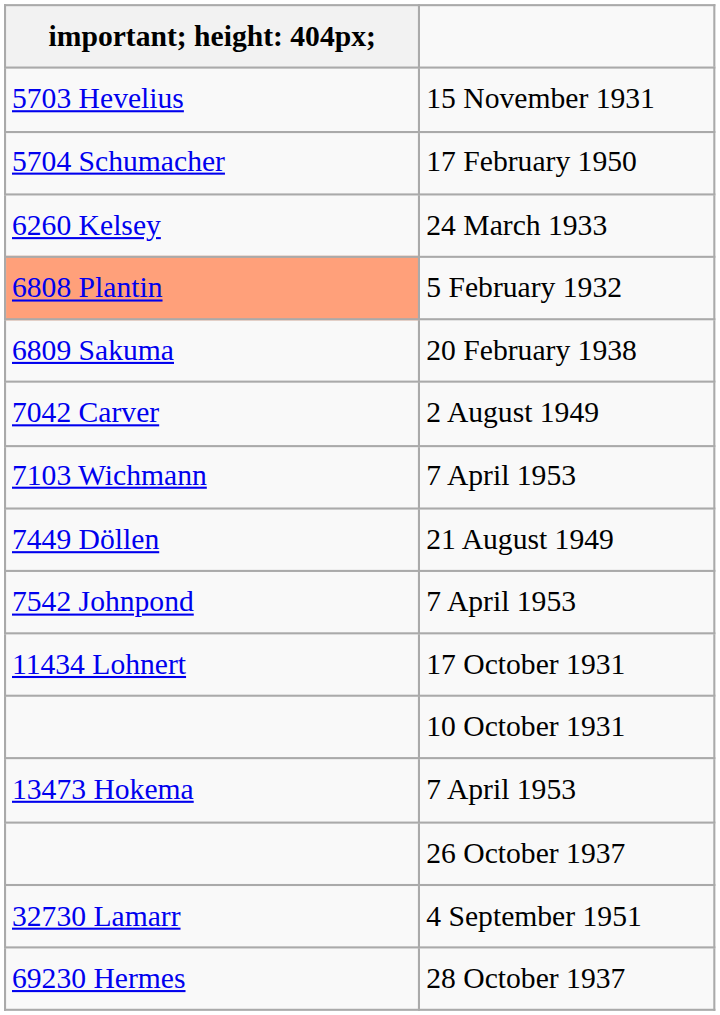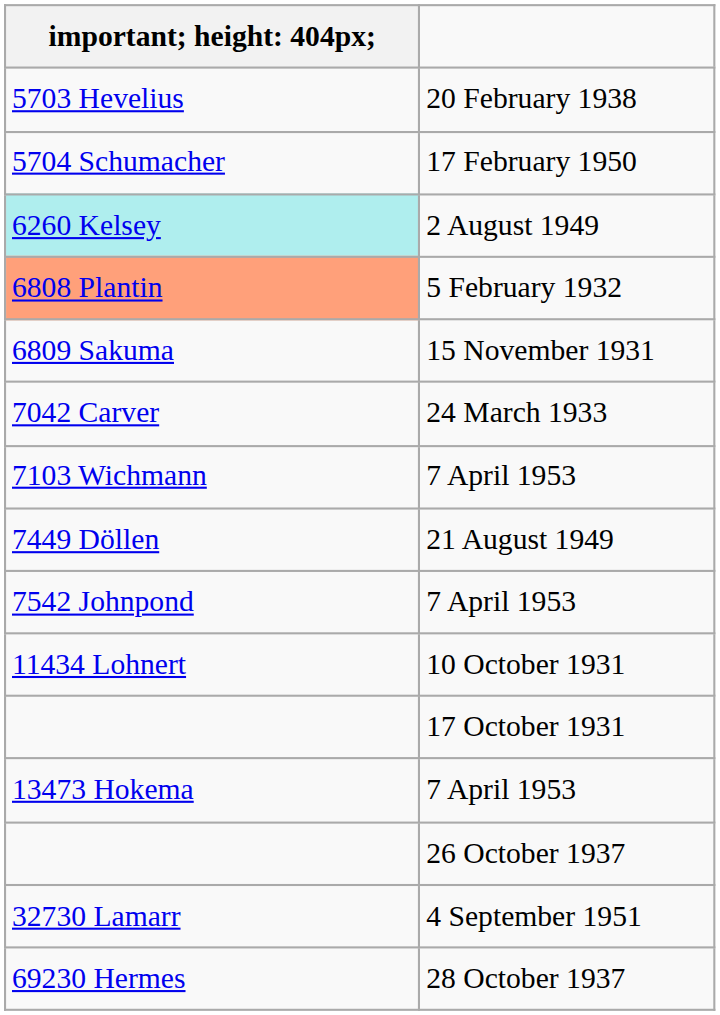 <table class="wikitable" style="font-size: 89%; float: left; width: 24em; margin-right: 1em; line-height: 1.65em">
 <tr>
 <th>important; height: 404px;</th>
 </tr>
 <tr>
 <td><a href='#'>5703 Hevelius</a></td>
-<td>15 November 1931</td>
+<td>20 February 1938</td>
 </tr>
 <tr>
 <td><a href='#'>5704 Schumacher</a></td>
 <td>17 February 1950</td>
 </tr>
 <tr>
-<td><a href='#'>6260 Kelsey</a></td>
-<td>24 March 1933</td>
+<td style="background: paleturquoise;"><a href='#'>6260 Kelsey</a></td>
+<td>2 August 1949</td>
 </tr>
 <tr>
 <td style="background: lightsalmon;"><a href='#'>6808 Plantin</a></td>
 <td>5 February 1932</td>
 </tr>
 <tr>
 <td><a href='#'>6809 Sakuma</a></td>
-<td>20 February 1938</td>
+<td>15 November 1931</td>
 </tr>
 <tr>
 <td><a href='#'>7042 Carver</a></td>
-<td>2 August 1949</td>
+<td>24 March 1933</td>
 </tr>
 <tr>
 <td><a href='#'>7103 Wichmann</a></td>
 <td>7 April 1953</td>
 </tr>
 <tr>
 <td><a href='#'>7449 Döllen</a></td>
 <td>21 August 1949</td>
 </tr>
 <tr>
 <td><a href='#'>7542 Johnpond</a></td>
 <td>7 April 1953</td>
 </tr>
 <tr>
 <td><a href='#'>11434 Lohnert</a></td>
-<td>17 October 1931</td>
+<td>10 October 1931</td>
 </tr>
 <tr>
 <td></td>
-<td>10 October 1931</td>
+<td>17 October 1931</td>
 </tr>
 <tr>
 <td><a href='#'>13473 Hokema</a></td>
 <td>7 April 1953</td>
 </tr>
 <tr>
 <td></td>
 <td>26 October 1937</td>
 </tr>
 <tr>
 <td><a href='#'>32730 Lamarr</a></td>
 <td>4 September 1951</td>
 </tr>
 <tr>
 <td><a href='#'>69230 Hermes</a></td>
 <td>28 October 1937</td>
 </tr>
 </table>
